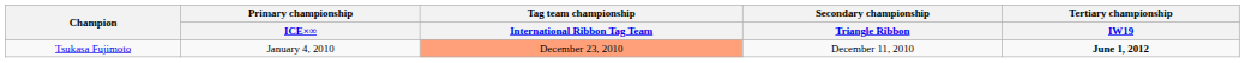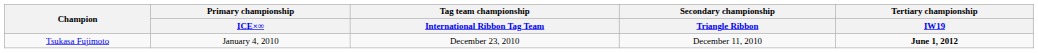 <table class="wikitable" style="font-size:85%; text-align:center; width:100%;">
 <tr>
 <th rowspan=2>Champion</th>
 <th>Primary championship</th>
 <th>Tag team championship</th>
 <th>Secondary championship</th>
 <th>Tertiary championship</th>
 </tr>
 <tr>
 <th><a href='#'>ICE×∞</a></th>
 <th><a href='#'>International Ribbon Tag Team</a></th>
 <th><a href='#'>Triangle Ribbon</a></th>
 <th><a href='#'>IW19</a></th>
 </tr>
 <tr>
 <td><a href='#'>Tsukasa Fujimoto</a></td>
 <td>January 4, 2010</td>
-<td style="background: lightsalmon;">December 23, 2010<br></td>
+<td>December 23, 2010<br></td>
 <td>December 11, 2010</td>
 <td><strong>June 1, 2012</strong></td>
 </tr>
 </table>
